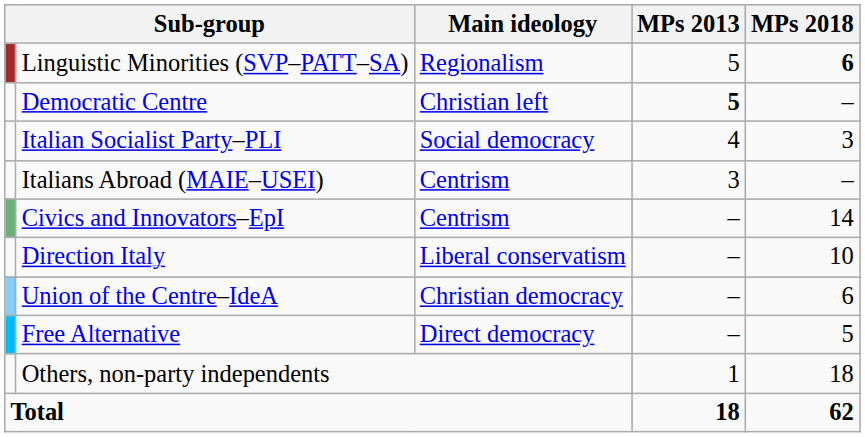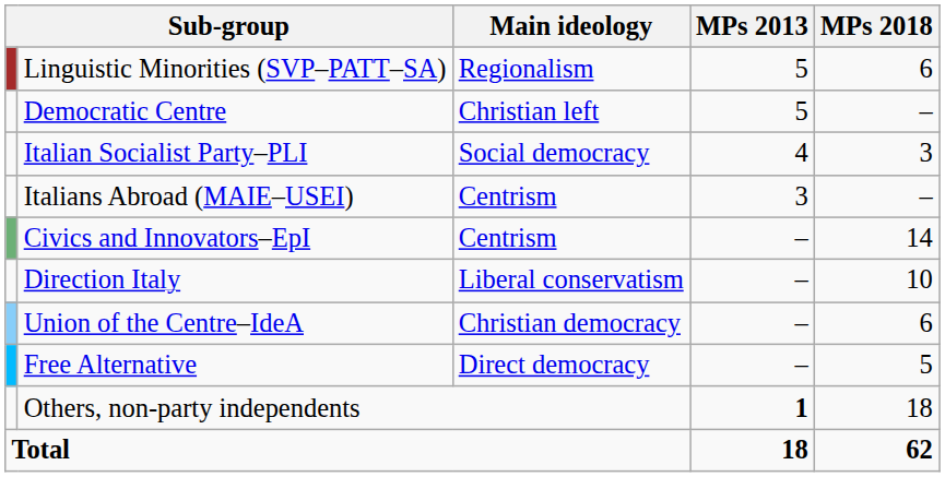 <table class="wikitable" style="font-size:100%">
 <tr>
 <th colspan=2>Sub-group</th>
 <th>Main ideology</th>
 <th>MPs 2013</th>
 <th>MPs 2018</th>
 </tr>
 <tr>
 <td bgcolor="brown"></td>
 <td>Linguistic Minorities (<a href='#'>SVP</a>–<a href='#'>PATT</a>–<a href='#'>SA</a>)</td>
 <td><a href='#'>Regionalism</a></td>
 <td align=right>5</td>
-<td align=right><strong>6</strong></td>
+<td align=right>6</td>
 </tr>
 <tr>
 <td></td>
 <td><a href='#'>Democratic Centre</a></td>
 <td><a href='#'>Christian left</a></td>
-<td align=right><strong>5</strong></td>
+<td align=right>5</td>
 <td align=right>–</td>
 </tr>
 <tr>
 <td></td>
 <td><a href='#'>Italian Socialist Party</a>–<a href='#'>PLI</a></td>
 <td><a href='#'>Social democracy</a></td>
 <td align=right>4</td>
 <td align=right>3</td>
 </tr>
 <tr>
 <td></td>
 <td>Italians Abroad (<a href='#'>MAIE</a>–<a href='#'>USEI</a>)</td>
 <td><a href='#'>Centrism</a></td>
 <td align=right>3</td>
 <td align=right>–</td>
 </tr>
 <tr>
 <td bgcolor="#6CB076"></td>
 <td><a href='#'>Civics and Innovators</a>–<a href='#'>EpI</a></td>
 <td><a href='#'>Centrism</a></td>
 <td align=right>–</td>
 <td align=right>14</td>
 </tr>
 <tr>
 <td></td>
 <td><a href='#'>Direction Italy</a></td>
 <td><a href='#'>Liberal conservatism</a></td>
 <td align=right>–</td>
 <td align=right>10</td>
 </tr>
 <tr>
 <td bgcolor="#87CEFA"></td>
 <td><a href='#'>Union of the Centre</a>–<a href='#'>IdeA</a></td>
 <td><a href='#'>Christian democracy</a></td>
 <td align=right>–</td>
 <td align=right>6</td>
 </tr>
 <tr>
 <td bgcolor="#00BBFF"></td>
 <td><a href='#'>Free Alternative</a></td>
 <td><a href='#'>Direct democracy</a></td>
 <td align=right>–</td>
 <td align=right>5</td>
 </tr>
 <tr>
 <td></td>
 <td colspan=2>Others, non-party independents</td>
-<td align=right>1</td>
+<td align=right><strong>1</strong></td>
 <td align=right>18</td>
 </tr>
 <tr>
 <td colspan=3><strong>Total</strong></td>
 <td align=right><strong>18</strong></td>
 <td align=right><strong>62</strong></td>
 </tr>
 </table>
